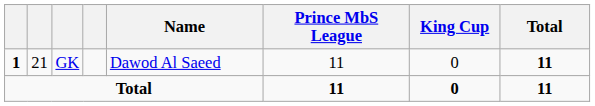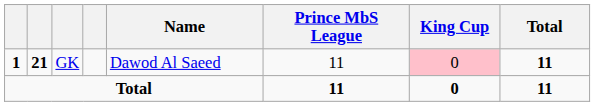 <table class="wikitable" style="text-align:center">
 <tr>
 <th width=15></th>
 <th width=15></th>
 <th width=15></th>
 <th width=15></th>
 <th width=145>Name</th>
 <th width=135><a href='#'>Prince MbS League</a></th>
 <th width=80><a href='#'>King Cup</a></th>
 <th width=80>Total</th>
 </tr>
 <tr>
 <td><strong>1</strong></td>
-<td>21</td>
+<td><strong>21</strong></td>
 <td><a href='#'>GK</a></td>
 <td></td>
 <td align=left><a href='#'>Dawod Al Saeed</a></td>
 <td>11</td>
-<td>0</td>
+<td style="background: pink;">0</td>
 <td><strong>11</strong></td>
 </tr>
 <tr>
 <td colspan=5><strong>Total</strong></td>
 <td><strong>11</strong></td>
 <td><strong>0</strong></td>
 <td><strong>11</strong></td>
 </tr>
 </table>
